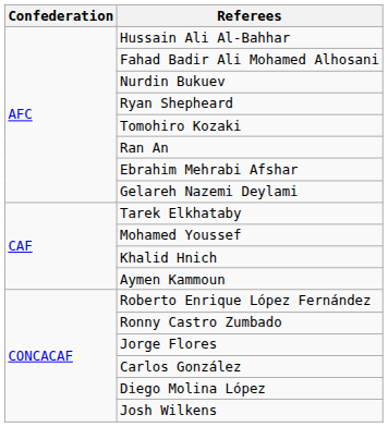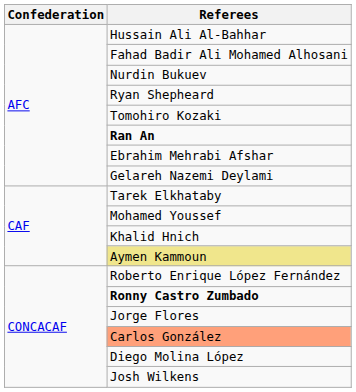 <table class="wikitable">
 <tr>
 <th>Confederation</th>
 <th>Referees</th>
 </tr>
 <tr>
 <td rowspan="8"><a href='#'>AFC</a></td>
 <td> Hussain Ali Al-Bahhar</td>
 </tr>
 <tr>
 <td> Fahad Badir Ali Mohamed Alhosani</td>
 </tr>
 <tr>
 <td> Nurdin Bukuev</td>
 </tr>
 <tr>
 <td> Ryan Shepheard</td>
 </tr>
 <tr>
 <td> Tomohiro Kozaki</td>
 </tr>
 <tr>
-<td> Ran An</td>
+<td><strong> Ran An</strong></td>
 </tr>
 <tr>
 <td>  Ebrahim Mehrabi Afshar</td>
 </tr>
 <tr>
 <td> Gelareh Nazemi Deylami</td>
 </tr>
 <tr>
 <td rowspan="4"><a href='#'>CAF</a></td>
 <td> Tarek Elkhataby</td>
 </tr>
 <tr>
 <td> Mohamed Youssef</td>
 </tr>
 <tr>
 <td> Khalid Hnich</td>
 </tr>
 <tr>
-<td> Aymen Kammoun</td>
+<td style="background: khaki;"> Aymen Kammoun</td>
 </tr>
 <tr>
 <td rowspan="6"><a href='#'>CONCACAF</a></td>
 <td> Roberto Enrique López Fernández</td>
 </tr>
 <tr>
-<td> Ronny Castro Zumbado</td>
+<td><strong> Ronny Castro Zumbado</strong></td>
 </tr>
 <tr>
 <td> Jorge Flores</td>
 </tr>
 <tr>
-<td> Carlos González</td>
+<td style="background: lightsalmon;"> Carlos González</td>
 </tr>
 <tr>
 <td> Diego Molina López</td>
 </tr>
 <tr>
 <td> Josh Wilkens</td>
 </tr>
 </table>
